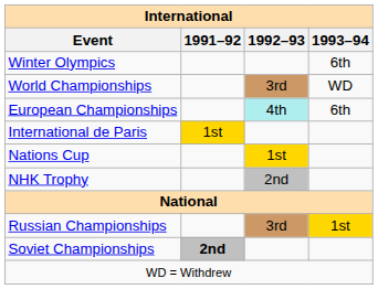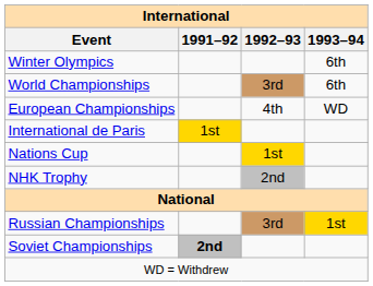 <table class="wikitable" style="text-align:center">
 <tr>
 <th style="background-color: #ffdead; " colspan=4 align=center><strong>International</strong></th>
 </tr>
 <tr>
 <th>Event</th>
 <th>1991–92</th>
 <th>1992–93</th>
 <th>1993–94</th>
 </tr>
 <tr>
 <td align=left><a href='#'>Winter Olympics</a></td>
 <td></td>
 <td></td>
 <td>6th</td>
 </tr>
 <tr>
 <td align=left><a href='#'>World Championships</a></td>
 <td></td>
 <td bgcolor=cc9966>3rd</td>
-<td>WD</td>
+<td>6th</td>
 </tr>
 <tr>
 <td align=left><a href='#'>European Championships</a></td>
 <td></td>
-<td style="background: paleturquoise;">4th</td>
-<td>6th</td>
+<td>4th</td>
+<td>WD</td>
 </tr>
 <tr>
 <td align=left><a href='#'>International de Paris</a></td>
 <td bgcolor=gold>1st</td>
 <td></td>
 <td></td>
 </tr>
 <tr>
 <td align=left><a href='#'>Nations Cup</a></td>
 <td></td>
 <td bgcolor=gold>1st</td>
 <td></td>
 </tr>
 <tr>
 <td align=left><a href='#'>NHK Trophy</a></td>
 <td></td>
 <td bgcolor=silver>2nd</td>
 <td></td>
 </tr>
 <tr>
 <th style="background-color: #ffdead; " colspan=6 align=center><strong>National</strong></th>
 </tr>
 <tr>
 <td align=left><a href='#'>Russian Championships</a></td>
 <td></td>
 <td bgcolor=cc9966>3rd</td>
 <td bgcolor=gold>1st</td>
 </tr>
 <tr>
 <td align=left><a href='#'>Soviet Championships</a></td>
 <td bgcolor=silver><strong>2nd</strong></td>
 <td></td>
 <td></td>
 </tr>
 <tr>
 <td colspan=4 align=center><small> WD = Withdrew </small></td>
 </tr>
 </table>
